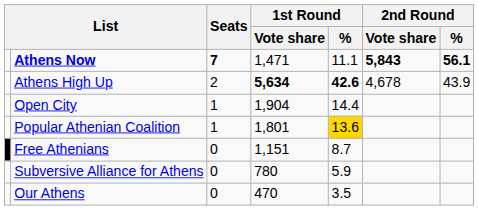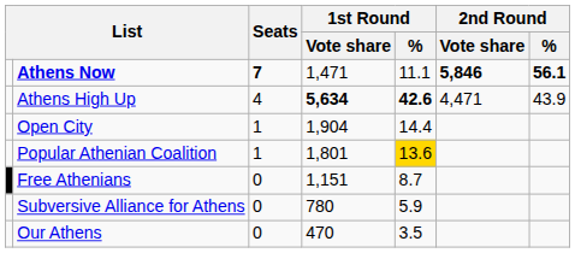 <table class="wikitable">
 <tr>
 <th colspan="2" rowspan="2">List</th>
 <th rowspan="2">Seats</th>
 <th colspan="2">1st Round</th>
 <th colspan="2">2nd Round</th>
 </tr>
 <tr>
 <th><strong>Vote share</strong></th>
 <th>%</th>
 <th><strong>Vote share</strong></th>
 <th>%</th>
 </tr>
 <tr>
 <td style="background-color:"></td>
 <td><strong><a href='#'>Athens Now</a></strong></td>
 <td><strong>7</strong></td>
 <td>1,471</td>
 <td>11.1</td>
-<td><strong>5,843</strong></td>
+<td><strong>5,846</strong></td>
 <td><strong>56.1</strong></td>
 </tr>
 <tr>
 <td style="background-color:"></td>
 <td><a href='#'>Athens High Up</a></td>
-<td>2</td>
+<td>4</td>
 <td><strong>5,634</strong></td>
 <td><strong>42.6</strong></td>
-<td>4,678</td>
+<td>4,471</td>
 <td>43.9</td>
 </tr>
 <tr>
 <td style="background-color:"></td>
 <td><a href='#'>Open City</a></td>
 <td>1</td>
 <td>1,904</td>
 <td>14.4</td>
 <td></td>
 <td></td>
 </tr>
 <tr>
 <td style="background-color:"></td>
 <td><a href='#'>Popular Athenian Coalition</a></td>
 <td>1</td>
 <td>1,801</td>
 <td style="background: gold;">13.6</td>
 <td></td>
 <td></td>
 </tr>
 <tr>
 <td style="background-color:#000000"></td>
 <td><a href='#'>Free Athenians</a></td>
 <td>0</td>
 <td>1,151</td>
 <td>8.7</td>
 <td></td>
 <td></td>
 </tr>
 <tr>
 <td style="background-color:"></td>
 <td><a href='#'>Subversive Alliance for Athens</a></td>
 <td>0</td>
 <td>780</td>
 <td>5.9</td>
 <td></td>
 <td></td>
 </tr>
 <tr>
 <td style="background-color:"></td>
 <td><a href='#'>Our Athens</a></td>
 <td>0</td>
 <td>470</td>
 <td>3.5</td>
 <td></td>
 <td></td>
 </tr>
 </table>
